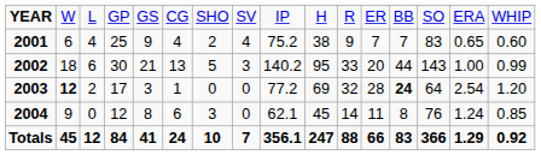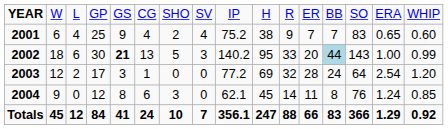 <table class="wikitable">
 <tr align=center>
 <td><strong>YEAR</strong></td>
 <td><a href='#'>W</a></td>
 <td><a href='#'>L</a></td>
 <td><a href='#'>GP</a></td>
 <td><a href='#'>GS</a></td>
 <td><a href='#'>CG</a></td>
 <td><a href='#'>SHO</a></td>
 <td><a href='#'>SV</a></td>
 <td><a href='#'>IP</a></td>
 <td><a href='#'>H</a></td>
 <td><a href='#'>R</a></td>
 <td><a href='#'>ER</a></td>
 <td><a href='#'>BB</a></td>
 <td><a href='#'>SO</a></td>
 <td><a href='#'>ERA</a></td>
 <td><a href='#'>WHIP</a></td>
 </tr>
 <tr align=center>
 <td><strong>2001</strong></td>
 <td>6</td>
 <td>4</td>
 <td>25</td>
 <td>9</td>
 <td>4</td>
 <td>2</td>
 <td>4</td>
 <td>75.2</td>
 <td>38</td>
 <td>9</td>
 <td>7</td>
 <td>7</td>
 <td>83</td>
 <td>0.65</td>
 <td>0.60</td>
 </tr>
 <tr align=center>
 <td><strong>2002</strong></td>
 <td>18</td>
 <td>6</td>
 <td>30</td>
-<td>21</td>
+<td><strong>21</strong></td>
 <td>13</td>
 <td>5</td>
 <td>3</td>
 <td>140.2</td>
 <td>95</td>
 <td>33</td>
 <td>20</td>
-<td>44</td>
+<td style="background: lightblue;">44</td>
 <td>143</td>
 <td>1.00</td>
 <td>0.99</td>
 </tr>
 <tr align=center>
 <td><strong>2003</strong></td>
-<td><strong>12</strong></td>
+<td>12</td>
 <td>2</td>
 <td>17</td>
 <td>3</td>
 <td>1</td>
 <td>0</td>
 <td>0</td>
 <td>77.2</td>
 <td>69</td>
 <td>32</td>
 <td>28</td>
-<td><strong>24</strong></td>
+<td>24</td>
 <td>64</td>
 <td>2.54</td>
 <td>1.20</td>
 </tr>
 <tr align=center>
 <td><strong>2004</strong></td>
 <td>9</td>
 <td>0</td>
 <td>12</td>
 <td>8</td>
 <td>6</td>
 <td>3</td>
 <td>0</td>
 <td>62.1</td>
 <td>45</td>
 <td>14</td>
 <td>11</td>
 <td>8</td>
 <td>76</td>
 <td>1.24</td>
 <td>0.85</td>
 </tr>
 <tr align=center>
 <td><strong>Totals</strong></td>
 <td><strong>45</strong></td>
 <td><strong>12</strong></td>
 <td><strong>84</strong></td>
 <td><strong>41</strong></td>
 <td><strong>24</strong></td>
 <td><strong>10</strong></td>
 <td><strong>7</strong></td>
 <td><strong>356.1</strong></td>
 <td><strong>247</strong></td>
 <td><strong>88</strong></td>
 <td><strong>66</strong></td>
 <td><strong>83</strong></td>
 <td><strong>366</strong></td>
 <td><strong>1.29</strong></td>
 <td><strong>0.92</strong></td>
 </tr>
 </table>
